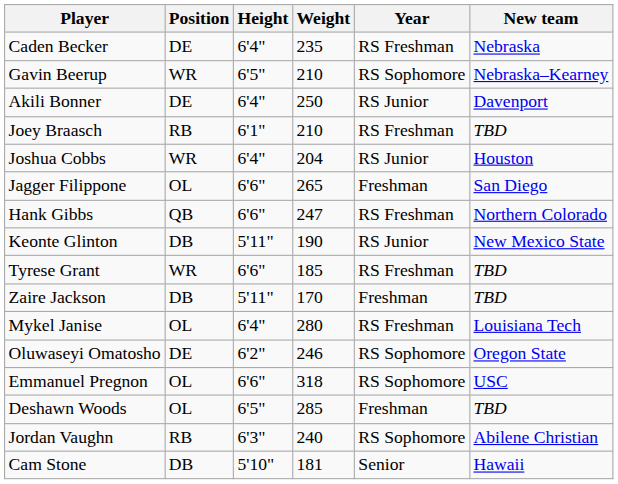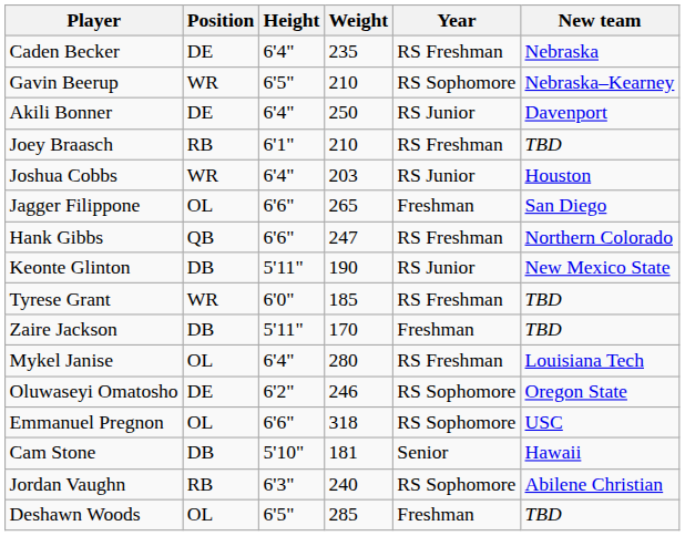 <table class="wikitable sortable">
 <tr>
 <th style="text-align:center; ">Player</th>
 <th style="text-align:center; ">Position</th>
 <th style="text-align:center; ">Height</th>
 <th style="text-align:center; ">Weight</th>
 <th style="text-align:center; ">Year</th>
 <th style="text-align:center; ">New team</th>
 </tr>
 <tr>
 <td>Caden Becker</td>
 <td>DE</td>
 <td>6'4"</td>
 <td>235</td>
 <td>RS Freshman</td>
 <td><a href='#'>Nebraska</a></td>
 </tr>
 <tr>
 <td>Gavin Beerup</td>
 <td>WR</td>
 <td>6'5"</td>
 <td>210</td>
 <td>RS Sophomore</td>
 <td><a href='#'>Nebraska–Kearney</a></td>
 </tr>
 <tr>
 <td>Akili Bonner</td>
 <td>DE</td>
 <td>6'4"</td>
 <td>250</td>
 <td>RS Junior</td>
 <td><a href='#'>Davenport</a></td>
 </tr>
 <tr>
 <td>Joey Braasch</td>
 <td>RB</td>
 <td>6'1"</td>
 <td>210</td>
 <td>RS Freshman</td>
 <td><em>TBD</em></td>
 </tr>
 <tr>
 <td>Joshua Cobbs</td>
 <td>WR</td>
 <td>6'4"</td>
-<td>204</td>
+<td>203</td>
 <td>RS Junior</td>
 <td><a href='#'>Houston</a></td>
 </tr>
 <tr>
 <td>Jagger Filippone</td>
 <td>OL</td>
 <td>6'6"</td>
 <td>265</td>
 <td>Freshman</td>
 <td><a href='#'>San Diego</a></td>
 </tr>
 <tr>
 <td>Hank Gibbs</td>
 <td>QB</td>
 <td>6'6"</td>
 <td>247</td>
 <td>RS Freshman</td>
 <td><a href='#'>Northern Colorado</a></td>
 </tr>
 <tr>
 <td>Keonte Glinton</td>
 <td>DB</td>
 <td>5'11"</td>
 <td>190</td>
 <td>RS Junior</td>
 <td><a href='#'>New Mexico State</a></td>
 </tr>
 <tr>
 <td>Tyrese Grant</td>
 <td>WR</td>
-<td>6'6"</td>
+<td>6'0"</td>
 <td>185</td>
 <td>RS Freshman</td>
 <td><em>TBD</em></td>
 </tr>
 <tr>
 <td>Zaire Jackson</td>
 <td>DB</td>
 <td>5'11"</td>
 <td>170</td>
 <td>Freshman</td>
 <td><em>TBD</em></td>
 </tr>
 <tr>
 <td>Mykel Janise</td>
 <td>OL</td>
 <td>6'4"</td>
 <td>280</td>
 <td>RS Freshman</td>
 <td><a href='#'>Louisiana Tech</a></td>
 </tr>
 <tr>
 <td>Oluwaseyi Omatosho</td>
 <td>DE</td>
 <td>6'2"</td>
 <td>246</td>
 <td>RS Sophomore</td>
 <td><a href='#'>Oregon State</a></td>
 </tr>
 <tr>
 <td>Emmanuel Pregnon</td>
 <td>OL</td>
 <td>6'6"</td>
 <td>318</td>
 <td>RS Sophomore</td>
 <td><a href='#'>USC</a></td>
 </tr>
 <tr>
-<td>Deshawn Woods</td>
-<td>OL</td>
-<td>6'5"</td>
-<td>285</td>
-<td>Freshman</td>
-<td><em>TBD</em></td>
+<td>Cam Stone</td>
+<td>DB</td>
+<td>5'10"</td>
+<td>181</td>
+<td>Senior</td>
+<td><a href='#'>Hawaii</a></td>
 </tr>
 <tr>
 <td>Jordan Vaughn</td>
 <td>RB</td>
 <td>6'3"</td>
 <td>240</td>
 <td>RS Sophomore</td>
 <td><a href='#'>Abilene Christian</a></td>
 </tr>
 <tr>
-<td>Cam Stone</td>
-<td>DB</td>
-<td>5'10"</td>
-<td>181</td>
-<td>Senior</td>
-<td><a href='#'>Hawaii</a></td>
+<td>Deshawn Woods</td>
+<td>OL</td>
+<td>6'5"</td>
+<td>285</td>
+<td>Freshman</td>
+<td><em>TBD</em></td>
 </tr>
 </table>
